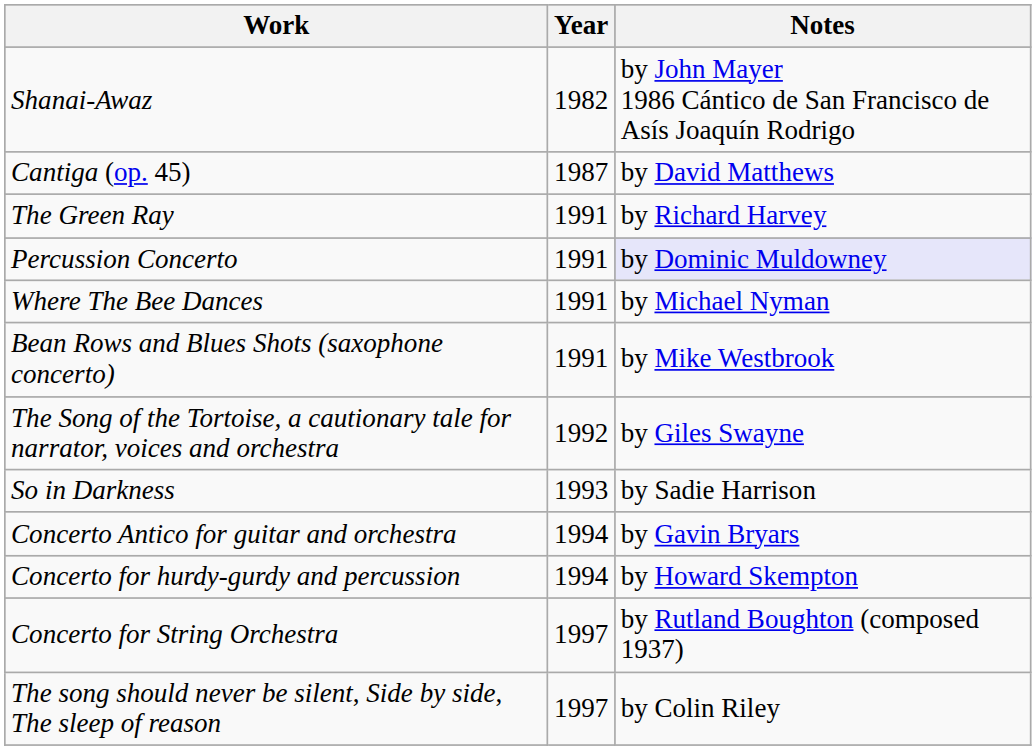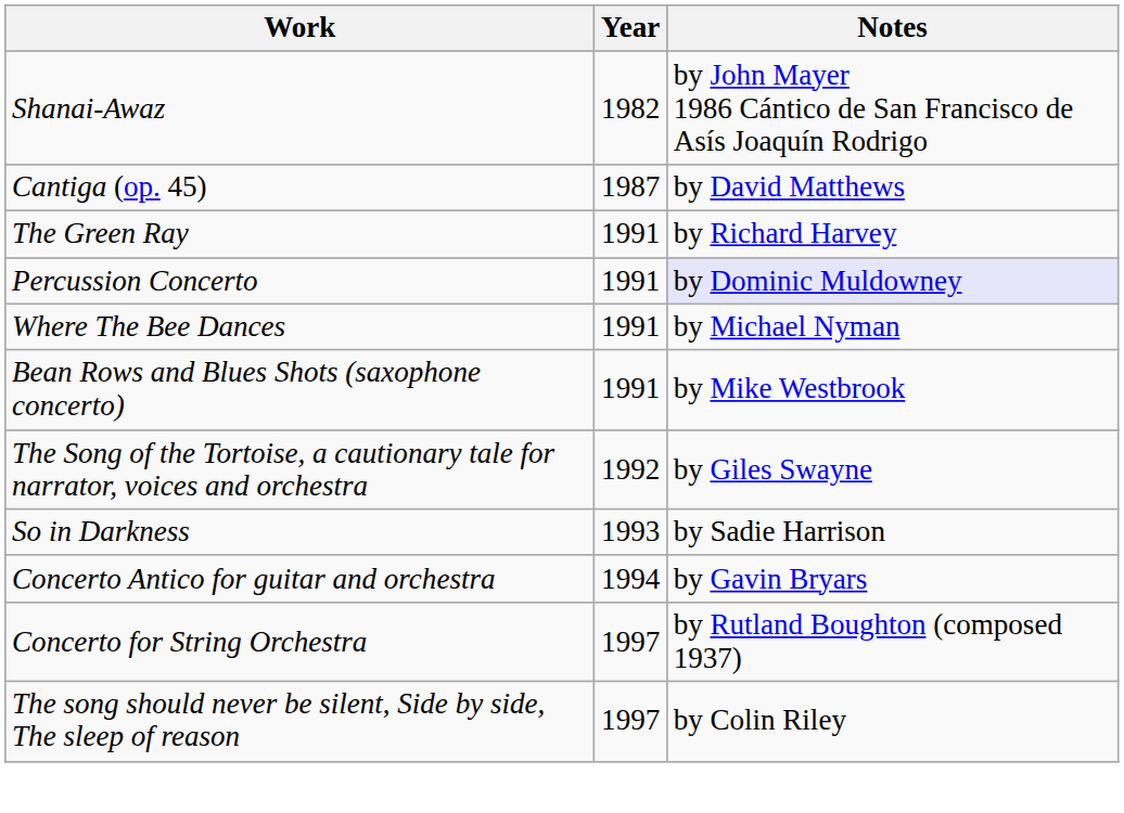 <table class="wikitable">
 <tr>
 <th>Work</th>
 <th>Year</th>
 <th>Notes</th>
 </tr>
 <tr>
 <td><em>Shanai-Awaz</em></td>
 <td>1982</td>
 <td>by <a href='#'>John Mayer</a><br>1986 Cántico de San Francisco de Asís  Joaquín Rodrigo</td>
 </tr>
 <tr>
 <td><em>Cantiga</em> (<a href='#'>op.</a> 45)</td>
 <td>1987</td>
 <td>by <a href='#'>David Matthews</a></td>
 </tr>
 <tr>
 <td><em>The Green Ray</em></td>
 <td>1991</td>
 <td>by <a href='#'>Richard Harvey</a></td>
 </tr>
 <tr>
 <td><em>Percussion Concerto</em></td>
 <td>1991</td>
 <td style="background: lavender;">by <a href='#'>Dominic Muldowney</a></td>
 </tr>
 <tr>
 <td><em>Where The Bee Dances</em></td>
 <td>1991</td>
 <td>by <a href='#'>Michael Nyman</a></td>
 </tr>
 <tr>
 <td><em>Bean Rows and Blues Shots (saxophone concerto)</em></td>
 <td>1991</td>
 <td> by <a href='#'>Mike Westbrook</a></td>
 </tr>
 <tr>
 <td><em>The Song of the Tortoise, a cautionary tale for narrator, voices and orchestra</em></td>
 <td>1992</td>
 <td>by <a href='#'>Giles Swayne</a></td>
 </tr>
 <tr>
 <td><em>So in Darkness</em></td>
 <td>1993</td>
 <td>by Sadie Harrison</td>
 </tr>
 <tr>
 <td><em>Concerto Antico for guitar and orchestra</em></td>
 <td>1994</td>
 <td>by <a href='#'>Gavin Bryars</a></td>
 </tr>
 <tr>
-<td><em>Concerto for hurdy-gurdy and percussion</em></td>
-<td>1994</td>
-<td>by <a href='#'>Howard Skempton</a></td>
-</tr>
-<tr>
 <td><em>Concerto for String Orchestra</em></td>
 <td>1997</td>
 <td>by <a href='#'>Rutland Boughton</a> (composed 1937)</td>
 </tr>
 <tr>
 <td><em>The song should never be silent</em>, <em>Side by side</em>, <em>The sleep of reason</em></td>
 <td>1997</td>
 <td>by Colin Riley</td>
 </tr>
 </table>
